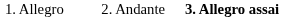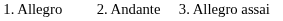 <table>
 <tr>
 <td colspan="3"></td>
 </tr>
 <tr>
 <td style="width: 33%; text-align: center;">1. Allegro</td>
 <td style="width: 33%; text-align: center;">2. Andante</td>
-<td style="width: 33%; text-align: center;"><strong>3. Allegro assai</strong></td>
+<td style="width: 33%; text-align: center;">3. Allegro assai</td>
 </tr>
 </table>
